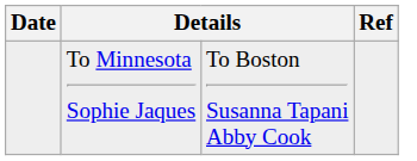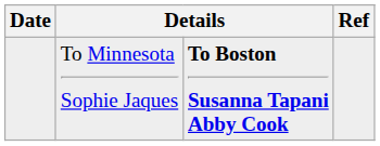 <table class="wikitable">
 <tr>
 <th>Date</th>
 <th colspan="2">Details</th>
 <th>Ref</th>
 </tr>
 <tr style="background:#eee;">
 <td></td>
 <td valign="top">To <a href='#'>Minnesota</a><hr><a href='#'>Sophie Jaques</a></td>
-<td valign="top">To Boston<hr><a href='#'>Susanna Tapani</a><br><a href='#'>Abby Cook</a></td>
+<td valign="top"><strong>To Boston<hr><a href='#'>Susanna Tapani</a><br><a href='#'>Abby Cook</a></strong></td>
 <td></td>
 </tr>
 </table>
